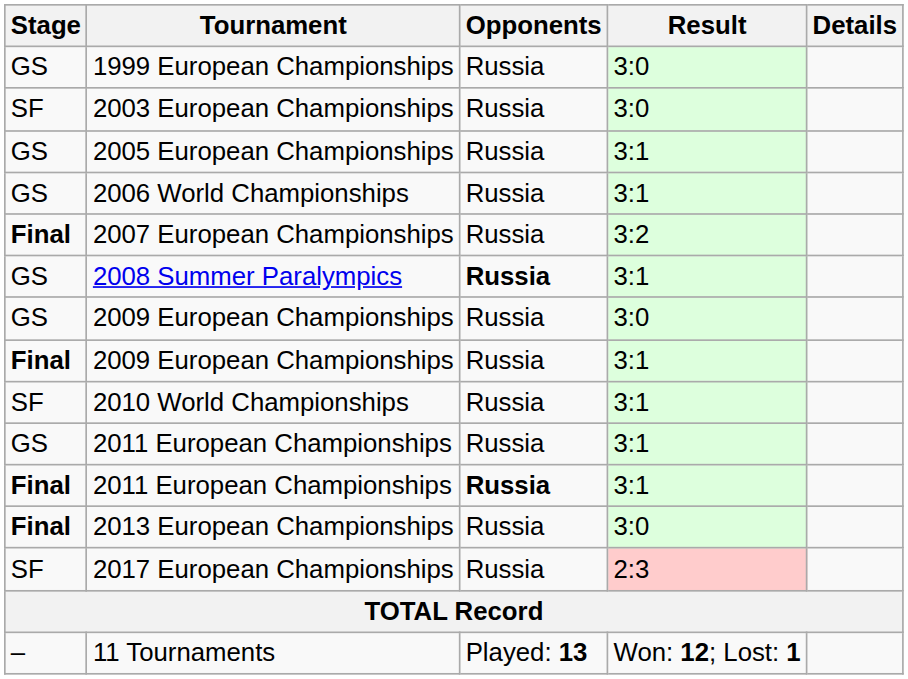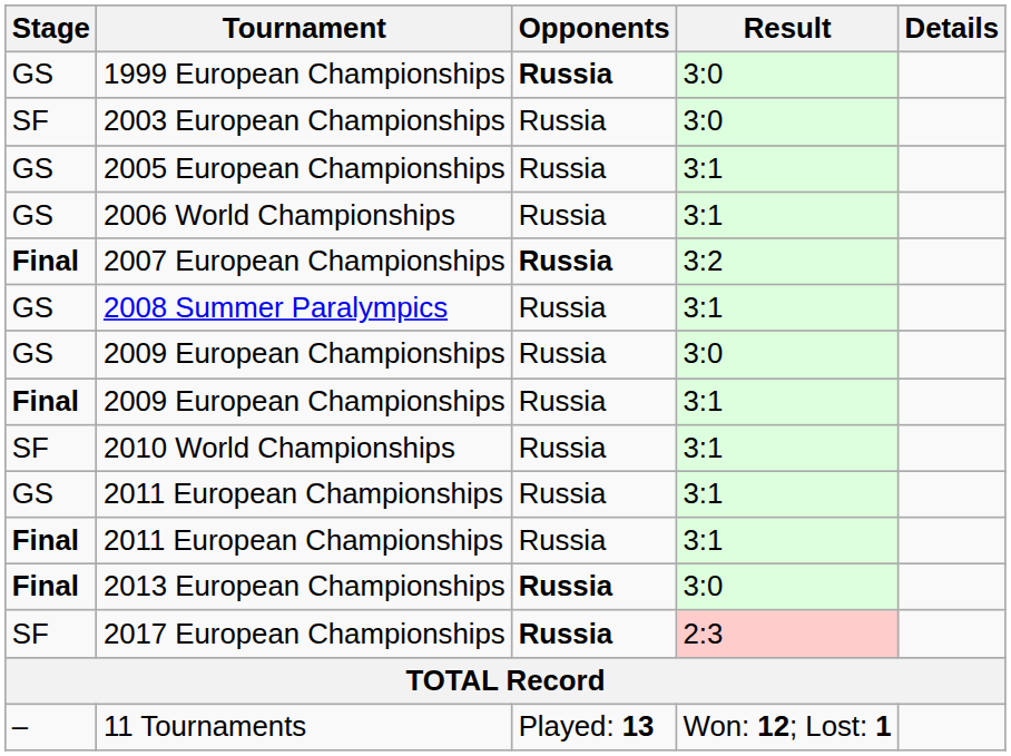 <table class="sortable wikitable" style=font-size:97%>
 <tr>
 <th>Stage</th>
 <th>Tournament</th>
 <th>Opponents</th>
 <th>Result</th>
 <th>Details</th>
 </tr>
 <tr>
 <td>GS</td>
 <td>1999 European Championships</td>
-<td> Russia</td>
+<td><strong> Russia</strong></td>
 <td style="background:#dfd;">3:0</td>
 <td></td>
 </tr>
 <tr>
 <td>SF</td>
 <td>2003 European Championships</td>
 <td> Russia</td>
 <td style="background:#dfd;">3:0</td>
 <td></td>
 </tr>
 <tr>
 <td>GS</td>
 <td>2005 European Championships</td>
 <td> Russia</td>
 <td style="background:#dfd;">3:1</td>
 <td><br></td>
 </tr>
 <tr>
 <td>GS</td>
 <td>2006 World Championships</td>
 <td> Russia</td>
 <td style="background:#dfd;">3:1</td>
 <td></td>
 </tr>
 <tr>
 <td><strong>Final</strong></td>
 <td>2007 European Championships</td>
-<td> Russia</td>
+<td><strong> Russia</strong></td>
 <td style="background:#dfd;">3:2</td>
 <td><br></td>
 </tr>
 <tr>
 <td>GS</td>
 <td><a href='#'>2008 Summer Paralympics</a></td>
-<td><strong> Russia</strong></td>
+<td> Russia</td>
 <td style="background:#dfd;">3:1</td>
 <td><br></td>
 </tr>
 <tr>
 <td>GS</td>
 <td>2009 European Championships</td>
 <td> Russia</td>
 <td style="background:#dfd;">3:0</td>
 <td><br></td>
 </tr>
 <tr>
 <td><strong>Final</strong></td>
 <td>2009 European Championships</td>
 <td> Russia</td>
 <td style="background:#dfd;">3:1</td>
 <td><br></td>
 </tr>
 <tr>
 <td>SF</td>
 <td>2010 World Championships</td>
 <td> Russia</td>
 <td style="background:#dfd;">3:1</td>
 <td><br></td>
 </tr>
 <tr>
 <td>GS</td>
 <td>2011 European Championships</td>
 <td> Russia</td>
 <td style="background:#dfd;">3:1</td>
 <td><br></td>
 </tr>
 <tr>
 <td><strong>Final</strong></td>
 <td>2011 European Championships</td>
-<td><strong> Russia</strong></td>
+<td> Russia</td>
 <td style="background:#dfd;">3:1</td>
 <td><br></td>
 </tr>
 <tr>
 <td><strong>Final</strong></td>
 <td>2013 European Championships</td>
-<td> Russia</td>
+<td><strong> Russia</strong></td>
 <td style="background:#dfd;">3:0</td>
 <td></td>
 </tr>
 <tr>
 <td>SF</td>
 <td>2017 European Championships</td>
-<td> Russia</td>
+<td><strong> Russia</strong></td>
 <td style="background:#fcc;">2:3</td>
 <td><br></td>
 </tr>
 <tr>
 <th colspan="5">TOTAL Record</th>
 </tr>
 <tr>
 <td>–</td>
 <td>11 Tournaments</td>
 <td>Played: <strong>13</strong></td>
 <td>Won: <strong>12</strong>; Lost: <strong>1</strong></td>
 <td><br></td>
 </tr>
 </table>
